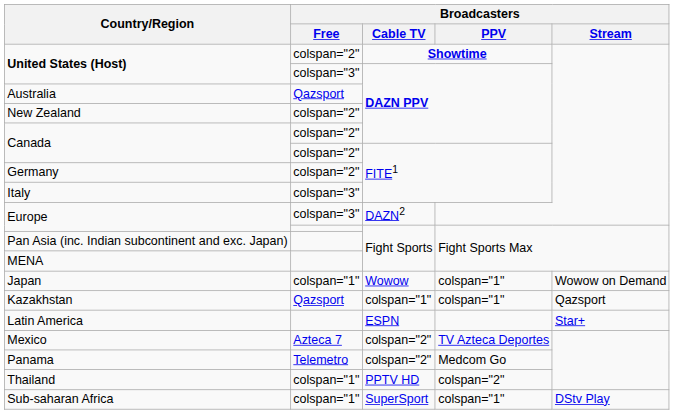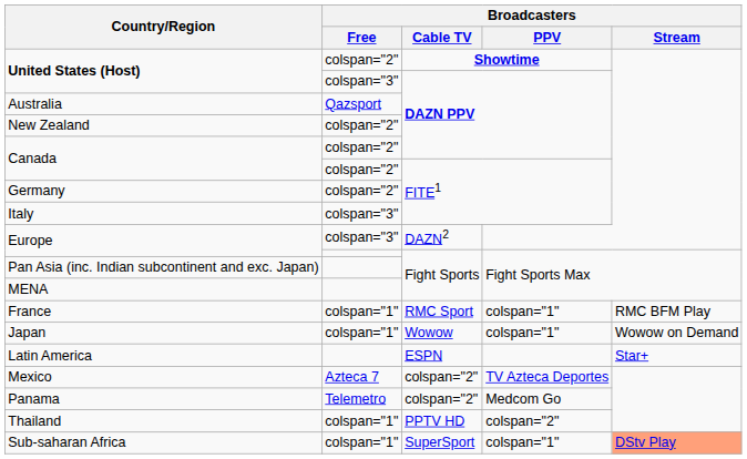 <table class="wikitable">
 <tr>
 <th rowspan="2">Country/Region</th>
 <th colspan="4">Broadcasters</th>
 </tr>
 <tr>
 <th><a href='#'>Free</a></th>
 <th><a href='#'>Cable TV</a></th>
 <th><a href='#'>PPV</a></th>
 <th><a href='#'>Stream</a></th>
 </tr>
 <tr>
 <td rowspan="2"><strong>United States (Host)</strong></td>
 <td>colspan="2" </td>
 <td colspan="2" align="center"><strong><a href='#'>Showtime</a></strong></td>
 </tr>
 <tr>
 <td>colspan="3" </td>
 <td colspan="2" rowspan="4"><a href='#'><strong>DAZN PPV</strong></a></td>
 </tr>
 <tr>
 <td>Australia</td>
 <td><a href='#'>Qazsport</a></td>
 </tr>
 <tr>
 <td>New Zealand</td>
 <td>colspan="2" </td>
 </tr>
 <tr>
 <td rowspan="2">Canada</td>
 <td>colspan="2" </td>
 </tr>
 <tr>
 <td>colspan="2" </td>
 <td colspan="2" rowspan="3"><a href='#'>FITE</a><sup>1</sup></td>
 </tr>
 <tr>
 <td>Germany</td>
 <td>colspan="2" </td>
 </tr>
 <tr>
 <td>Italy</td>
 <td>colspan="3" </td>
 </tr>
 <tr>
 <td rowspan="2">Europe</td>
 <td>colspan="3" </td>
 <td><a href='#'>DAZN</a><sup>2</sup></td>
 </tr>
 <tr>
 <td></td>
 <td rowspan="3">Fight Sports</td>
 <td colspan="2" rowspan="3">Fight Sports Max</td>
 </tr>
 <tr>
 <td>Pan Asia (inc. Indian subcontinent and exc. Japan)</td>
 <td></td>
 </tr>
 <tr>
 <td>MENA</td>
 <td></td>
 </tr>
 <tr>
+<td>France</td>
+<td>colspan="1" </td>
+<td><a href='#'>RMC Sport</a></td>
+<td>colspan="1" </td>
+<td>RMC BFM Play</td>
+</tr>
+<tr>
 <td>Japan</td>
 <td>colspan="1" </td>
 <td><a href='#'>Wowow</a></td>
 <td>colspan="1" </td>
 <td colspan="1">Wowow on Demand</td>
-</tr>
-<tr>
-<td>Kazakhstan</td>
-<td><a href='#'>Qazsport</a></td>
-<td>colspan="1" </td>
-<td>colspan="1" </td>
-<td colspan="1">Qazsport</td>
 </tr>
 <tr>
 <td>Latin America</td>
 <td></td>
 <td><a href='#'>ESPN</a></td>
 <td></td>
 <td><a href='#'>Star+</a></td>
 </tr>
 <tr>
 <td>Mexico</td>
 <td><a href='#'>Azteca 7</a></td>
 <td>colspan="2" </td>
 <td><a href='#'>TV Azteca Deportes</a></td>
 </tr>
 <tr>
 <td>Panama</td>
 <td><a href='#'>Telemetro</a></td>
 <td>colspan="2" </td>
 <td>Medcom Go</td>
 </tr>
 <tr>
 <td>Thailand</td>
 <td>colspan="1" </td>
 <td><a href='#'>PPTV HD</a></td>
 <td>colspan="2" </td>
 </tr>
 <tr>
 <td>Sub-saharan Africa</td>
 <td>colspan="1" </td>
 <td><a href='#'>SuperSport</a></td>
 <td>colspan="1" </td>
-<td><a href='#'>DStv Play</a></td>
+<td style="background: lightsalmon;"><a href='#'>DStv Play</a></td>
 </tr>
 </table>
